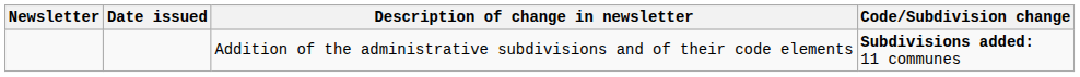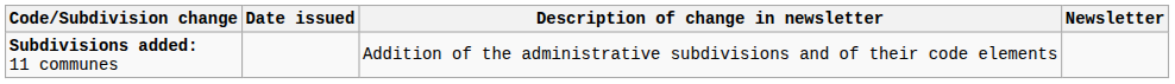 <table class="wikitable">
 <tr>
-<th>Newsletter</th>
+<th>Code/Subdivision change</th>
 <th>Date issued</th>
 <th>Description of change in newsletter</th>
-<th>Code/Subdivision change</th>
+<th>Newsletter</th>
 </tr>
 <tr>
-<td id="I-8"></td>
+<td style=white-space:nowrap><strong>Subdivisions added:</strong><br> 11 communes</td>
 <td></td>
 <td>Addition of the administrative subdivisions and of their code elements</td>
-<td style=white-space:nowrap><strong>Subdivisions added:</strong><br> 11 communes</td>
+<td id="I-8"></td>
 </tr>
 </table>
